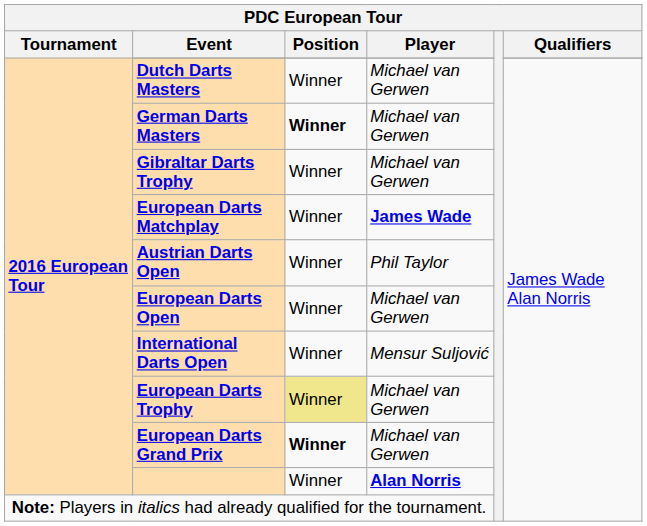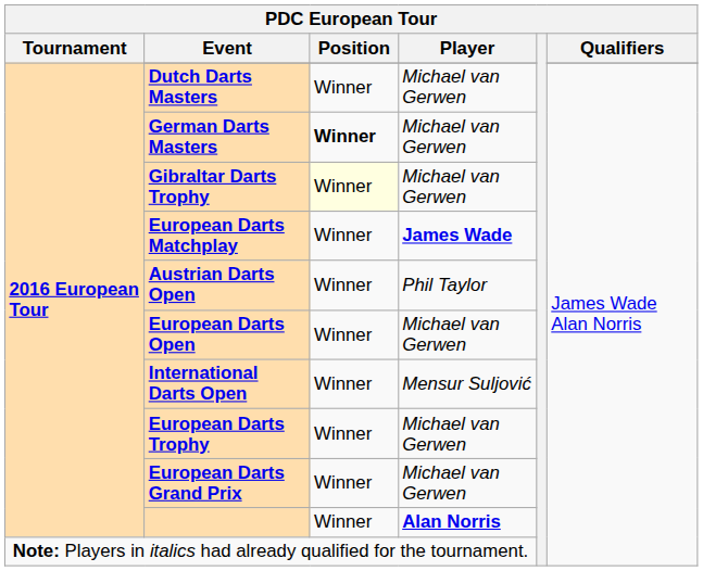 <table class="wikitable">
 <tr>
 <th colspan=6>PDC European Tour</th>
 </tr>
 <tr>
 <th width=150>Tournament</th>
 <th width=200>Event</th>
 <th width=80>Position</th>
 <th width=200>Player</th>
 <th rowspan=13 width=5></th>
 <th width=200>Qualifiers</th>
 </tr>
 <tr>
 <td rowspan=11 style="background:#ffdead;"><strong><a href='#'>2016 European Tour</a></strong></td>
 </tr>
 <tr>
 <td style="background:#ffdead;"><strong><a href='#'>Dutch Darts Masters</a></strong></td>
 <td>Winner</td>
 <td> <em>Michael van Gerwen</em></td>
 <td rowspan=12> <a href='#'>James Wade</a><br> <a href='#'>Alan Norris</a></td>
 </tr>
 <tr>
 <td style="background:#ffdead;"><strong><a href='#'>German Darts Masters</a></strong></td>
 <td><strong>Winner</strong></td>
 <td> <em>Michael van Gerwen</em></td>
 </tr>
 <tr>
 <td style="background:#ffdead;"><strong><a href='#'>Gibraltar Darts Trophy</a></strong></td>
-<td>Winner</td>
+<td style="background: lightyellow;">Winner</td>
 <td> <em>Michael van Gerwen</em></td>
 </tr>
 <tr>
 <td style="background:#ffdead;"><strong><a href='#'>European Darts Matchplay</a></strong></td>
 <td>Winner</td>
 <td> <strong><a href='#'>James Wade</a></strong></td>
 </tr>
 <tr>
 <td style="background:#ffdead;"><strong><a href='#'>Austrian Darts Open</a></strong></td>
 <td>Winner</td>
 <td> <em>Phil Taylor</em></td>
 </tr>
 <tr>
 <td style="background:#ffdead;"><strong><a href='#'>European Darts Open</a></strong></td>
 <td>Winner</td>
 <td> <em>Michael van Gerwen</em></td>
 </tr>
 <tr>
 <td style="background:#ffdead;"><strong><a href='#'>International Darts Open</a></strong></td>
 <td>Winner</td>
 <td> <em>Mensur Suljović</em></td>
 </tr>
 <tr>
 <td style="background:#ffdead;"><strong><a href='#'>European Darts Trophy</a></strong></td>
-<td style="background: khaki;">Winner</td>
+<td>Winner</td>
 <td> <em>Michael van Gerwen</em></td>
 </tr>
 <tr>
 <td style="background:#ffdead;"><strong><a href='#'>European Darts Grand Prix</a></strong></td>
-<td><strong>Winner</strong></td>
+<td>Winner</td>
 <td> <em>Michael van Gerwen</em></td>
 </tr>
 <tr>
 <td style="background:#ffdead;"></td>
 <td>Winner</td>
 <td> <strong><a href='#'>Alan Norris</a></strong></td>
 </tr>
 <tr>
 <td colspan=4 align=center><strong>Note:</strong> Players in <em>italics</em> had already qualified for the tournament.</td>
 </tr>
 </table>
